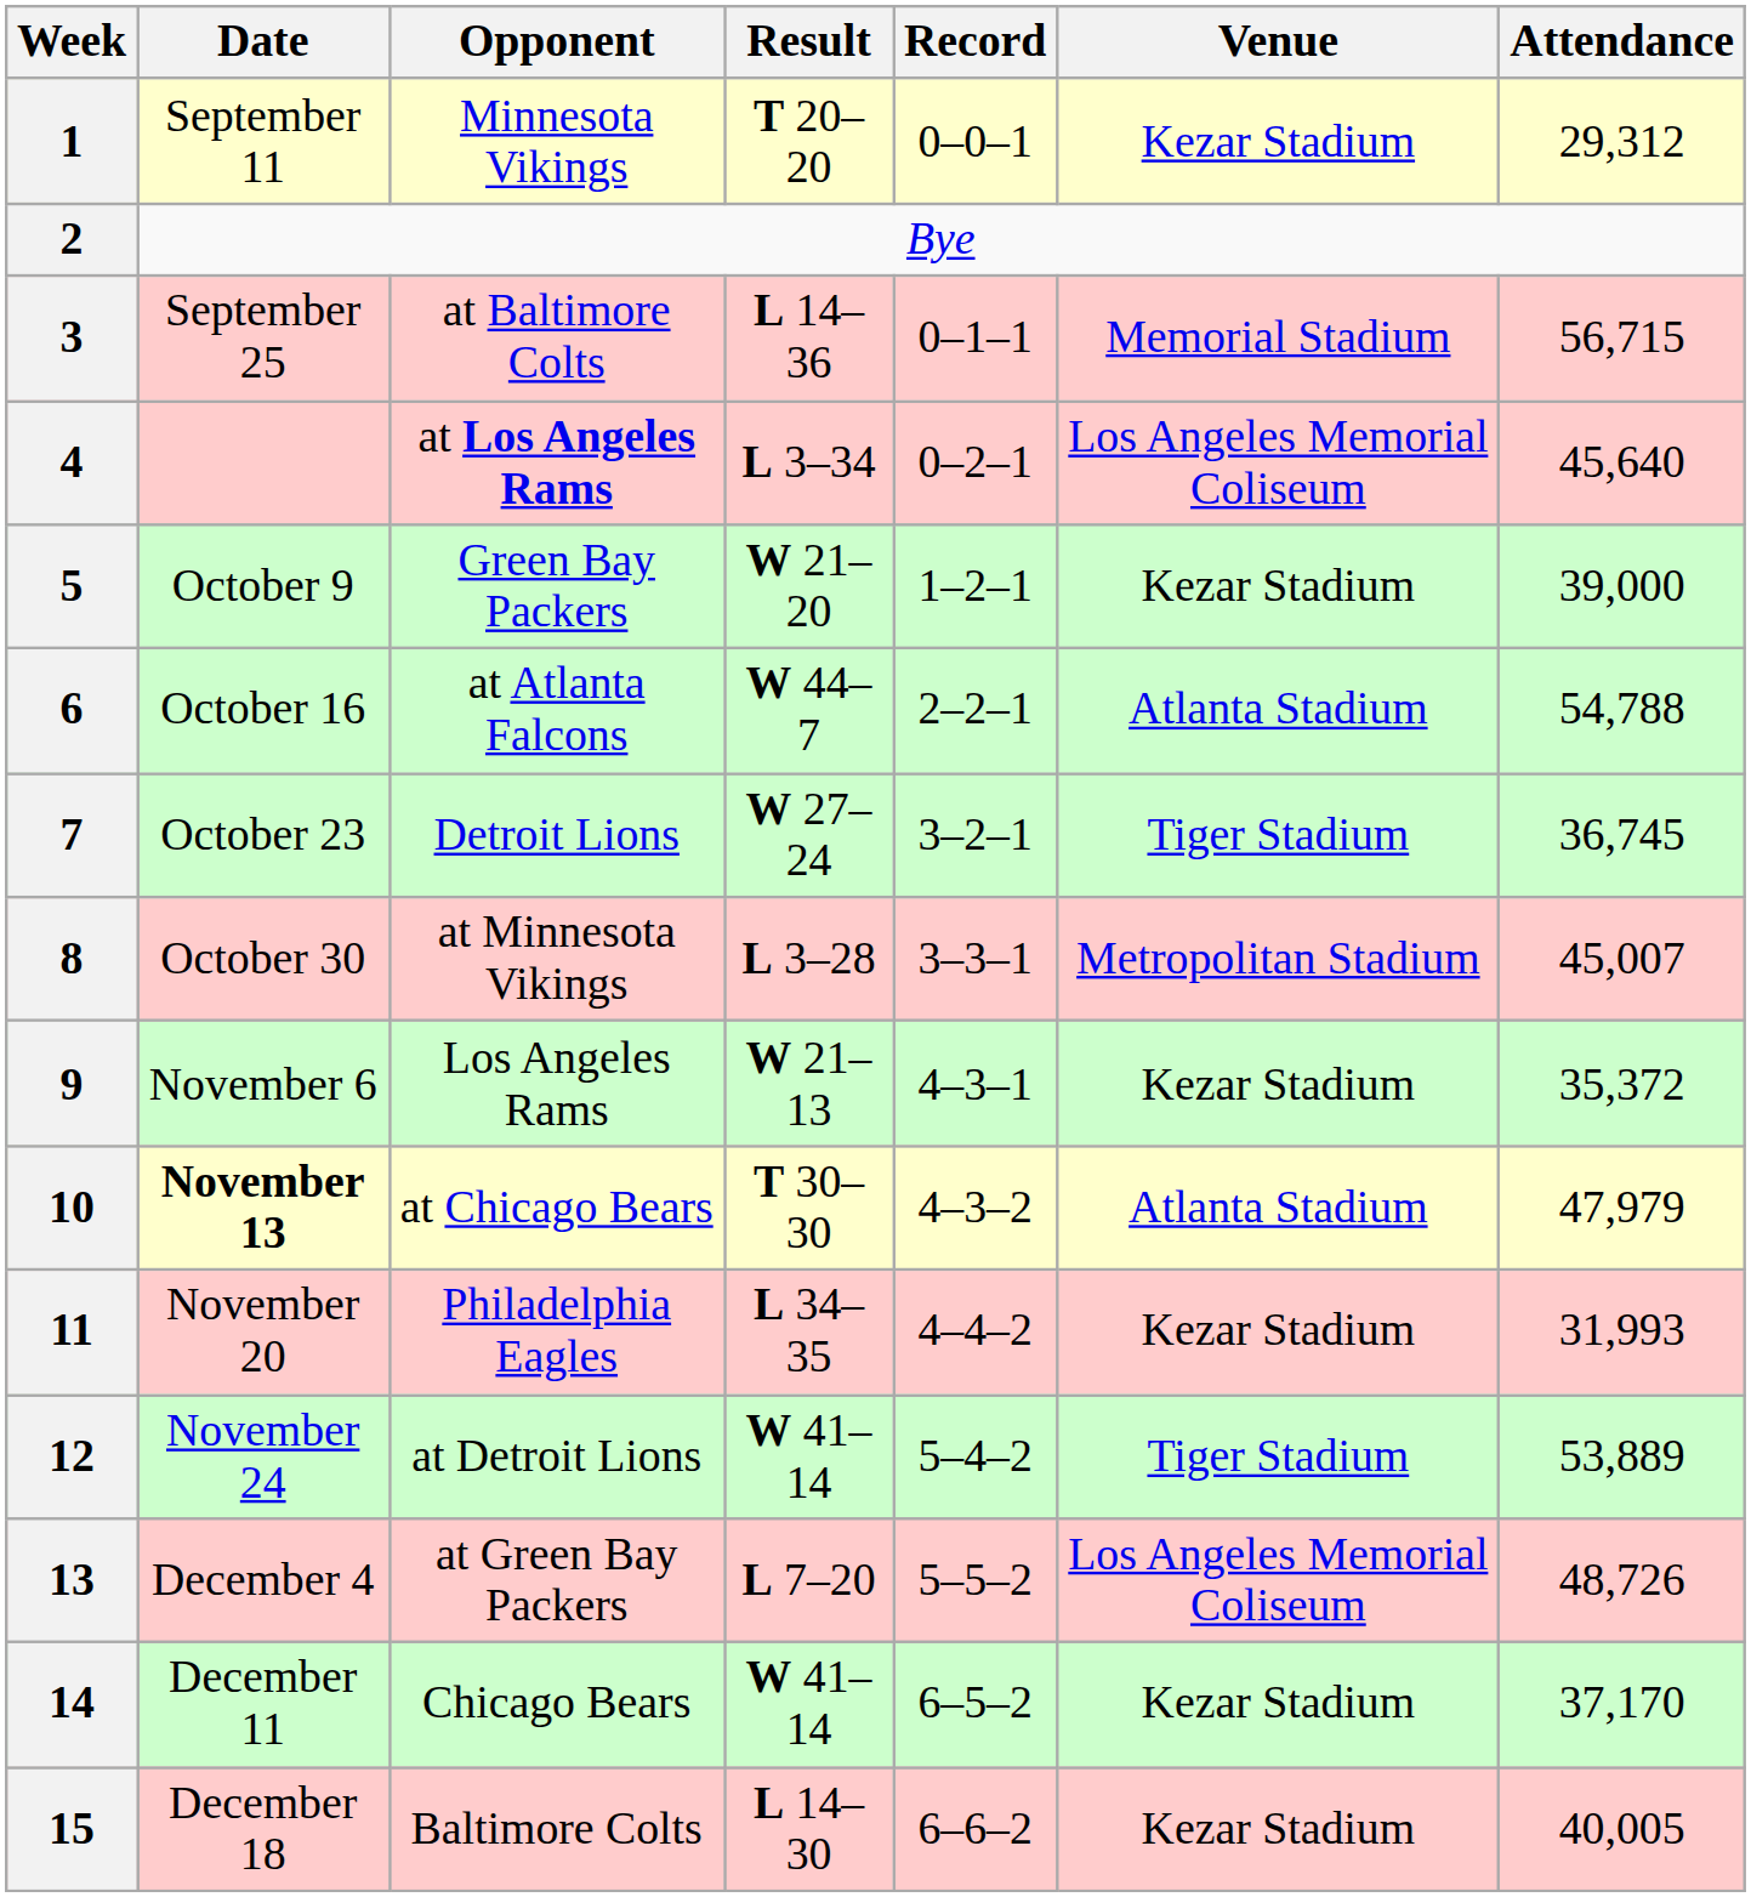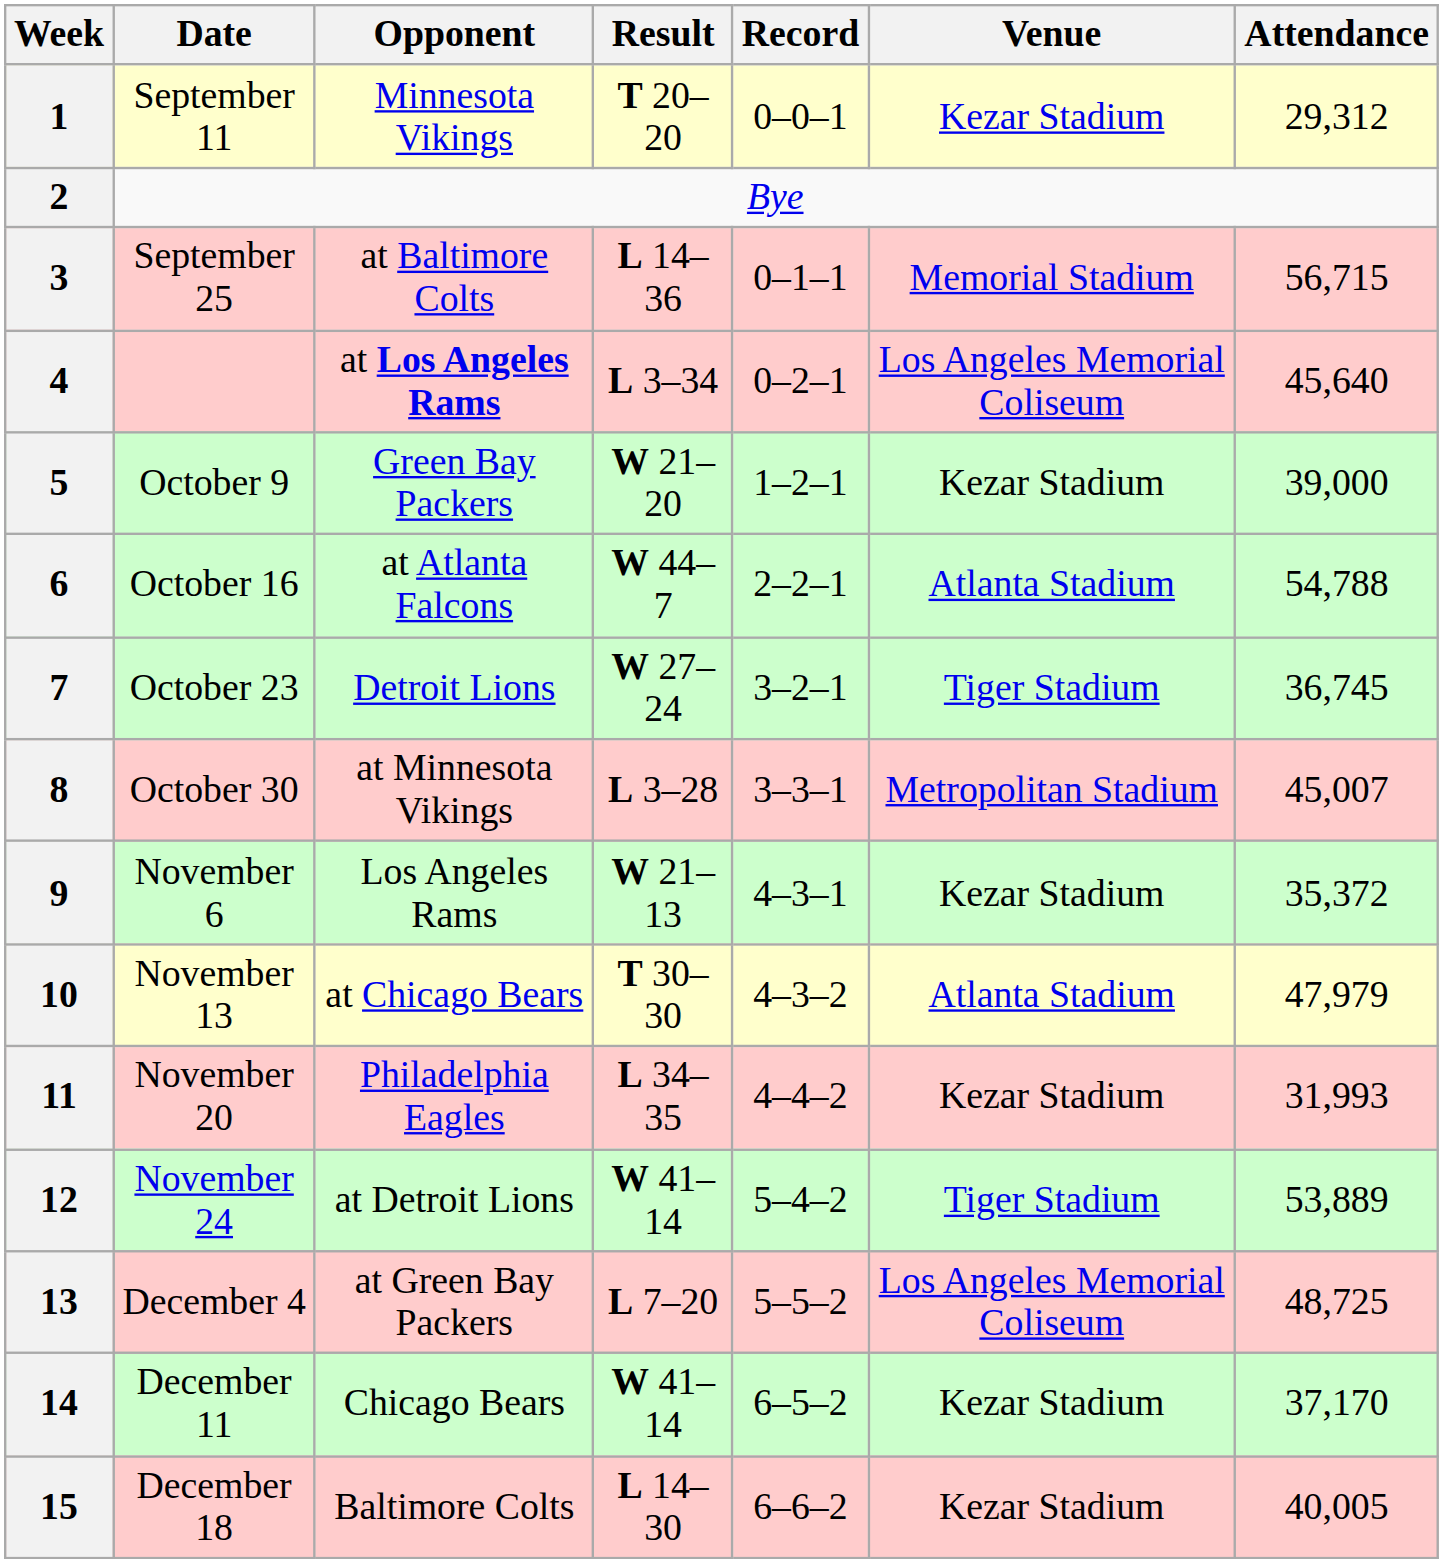 <table class="wikitable" style="text-align:center">
 <tr>
 <th>Week</th>
 <th>Date</th>
 <th>Opponent</th>
 <th>Result</th>
 <th>Record</th>
 <th>Venue</th>
 <th>Attendance</th>
 </tr>
 <tr style="background:#ffc">
 <th>1</th>
 <td>September 11</td>
 <td><a href='#'>Minnesota Vikings</a></td>
 <td><strong>T</strong> 20–20</td>
 <td>0–0–1</td>
 <td><a href='#'>Kezar Stadium</a></td>
 <td>29,312</td>
 </tr>
 <tr>
 <th>2</th>
 <td colspan="6"><em><a href='#'>Bye</a></em></td>
 </tr>
 <tr style="background:#fcc">
 <th>3</th>
 <td>September 25</td>
 <td>at <a href='#'>Baltimore Colts</a></td>
 <td><strong>L</strong> 14–36</td>
 <td>0–1–1</td>
 <td><a href='#'>Memorial Stadium</a></td>
 <td>56,715</td>
 </tr>
 <tr style="background:#fcc">
 <th>4</th>
 <td></td>
 <td>at <strong><a href='#'>Los Angeles Rams</a></strong></td>
 <td><strong>L</strong> 3–34</td>
 <td>0–2–1</td>
 <td><a href='#'>Los Angeles Memorial Coliseum</a></td>
 <td>45,640</td>
 </tr>
 <tr style="background:#cfc">
 <th>5</th>
 <td>October 9</td>
 <td><a href='#'>Green Bay Packers</a></td>
 <td><strong>W</strong> 21–20</td>
 <td>1–2–1</td>
 <td>Kezar Stadium</td>
 <td>39,000</td>
 </tr>
 <tr style="background:#cfc">
 <th>6</th>
 <td>October 16</td>
 <td>at <a href='#'>Atlanta Falcons</a></td>
 <td><strong>W</strong> 44–7</td>
 <td>2–2–1</td>
 <td><a href='#'>Atlanta Stadium</a></td>
 <td>54,788</td>
 </tr>
 <tr style="background:#cfc">
 <th>7</th>
 <td>October 23</td>
 <td><a href='#'>Detroit Lions</a></td>
 <td><strong>W</strong> 27–24</td>
 <td>3–2–1</td>
 <td><a href='#'>Tiger Stadium</a></td>
 <td>36,745</td>
 </tr>
 <tr style="background:#fcc">
 <th>8</th>
 <td>October 30</td>
 <td>at Minnesota Vikings</td>
 <td><strong>L</strong> 3–28</td>
 <td>3–3–1</td>
 <td><a href='#'>Metropolitan Stadium</a></td>
 <td>45,007</td>
 </tr>
 <tr style="background:#cfc">
 <th>9</th>
 <td>November 6</td>
 <td>Los Angeles Rams</td>
 <td><strong>W</strong> 21–13</td>
 <td>4–3–1</td>
 <td>Kezar Stadium</td>
 <td>35,372</td>
 </tr>
 <tr style="background:#ffc">
 <th>10</th>
-<td><strong>November 13</strong></td>
+<td>November 13</td>
 <td>at <a href='#'>Chicago Bears</a></td>
 <td><strong>T</strong> 30–30</td>
 <td>4–3–2</td>
 <td><a href='#'>Atlanta Stadium</a></td>
 <td>47,979</td>
 </tr>
 <tr style="background:#fcc">
 <th>11</th>
 <td>November 20</td>
 <td><a href='#'>Philadelphia Eagles</a></td>
 <td><strong>L</strong> 34–35</td>
 <td>4–4–2</td>
 <td>Kezar Stadium</td>
 <td>31,993</td>
 </tr>
 <tr style="background:#cfc">
 <th>12</th>
 <td><a href='#'>November 24</a></td>
 <td>at Detroit Lions</td>
 <td><strong>W</strong> 41–14</td>
 <td>5–4–2</td>
 <td><a href='#'>Tiger Stadium</a></td>
 <td>53,889</td>
 </tr>
 <tr style="background:#fcc">
 <th>13</th>
 <td>December 4</td>
 <td>at Green Bay Packers</td>
 <td><strong>L</strong> 7–20</td>
 <td>5–5–2</td>
 <td><a href='#'>Los Angeles Memorial Coliseum</a></td>
-<td>48,726</td>
+<td>48,725</td>
 </tr>
 <tr style="background:#cfc">
 <th>14</th>
 <td>December 11</td>
 <td>Chicago Bears</td>
 <td><strong>W</strong> 41–14</td>
 <td>6–5–2</td>
 <td>Kezar Stadium</td>
 <td>37,170</td>
 </tr>
 <tr style="background:#fcc">
 <th>15</th>
 <td>December 18</td>
 <td>Baltimore Colts</td>
 <td><strong>L</strong> 14–30</td>
 <td>6–6–2</td>
 <td>Kezar Stadium</td>
 <td>40,005</td>
 </tr>
 </table>
